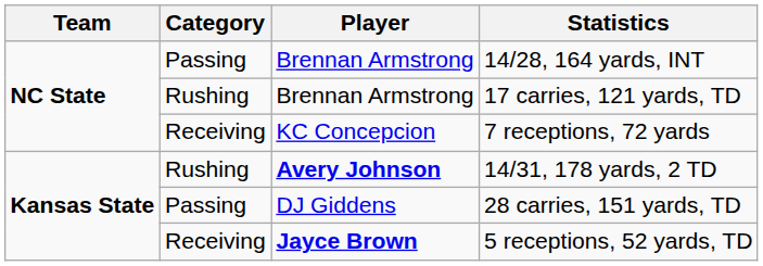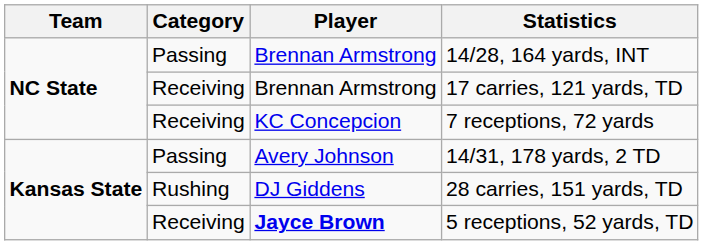 <table class="wikitable" style="float: left;">
 <tr>
 <th>Team</th>
 <th>Category</th>
 <th>Player</th>
 <th>Statistics</th>
 </tr>
 <tr>
 <td rowspan=3><strong>NC State</strong></td>
 <td>Passing</td>
 <td><a href='#'>Brennan Armstrong</a></td>
 <td>14/28, 164 yards, INT</td>
 </tr>
 <tr>
-<td>Rushing</td>
+<td>Receiving</td>
 <td>Brennan Armstrong</td>
 <td>17 carries, 121 yards, TD</td>
 </tr>
 <tr>
 <td>Receiving</td>
 <td><a href='#'>KC Concepcion</a></td>
 <td>7 receptions, 72 yards</td>
 </tr>
 <tr>
 <td rowspan=3><strong>Kansas State</strong></td>
-<td>Rushing</td>
-<td><strong><a href='#'>Avery Johnson</a></strong></td>
+<td>Passing</td>
+<td><a href='#'>Avery Johnson</a></td>
 <td>14/31, 178 yards, 2 TD</td>
 </tr>
 <tr>
-<td>Passing</td>
+<td>Rushing</td>
 <td><a href='#'>DJ Giddens</a></td>
 <td>28 carries, 151 yards, TD</td>
 </tr>
 <tr>
 <td>Receiving</td>
 <td><strong><a href='#'>Jayce Brown</a></strong></td>
 <td>5 receptions, 52 yards, TD</td>
 </tr>
 </table>
